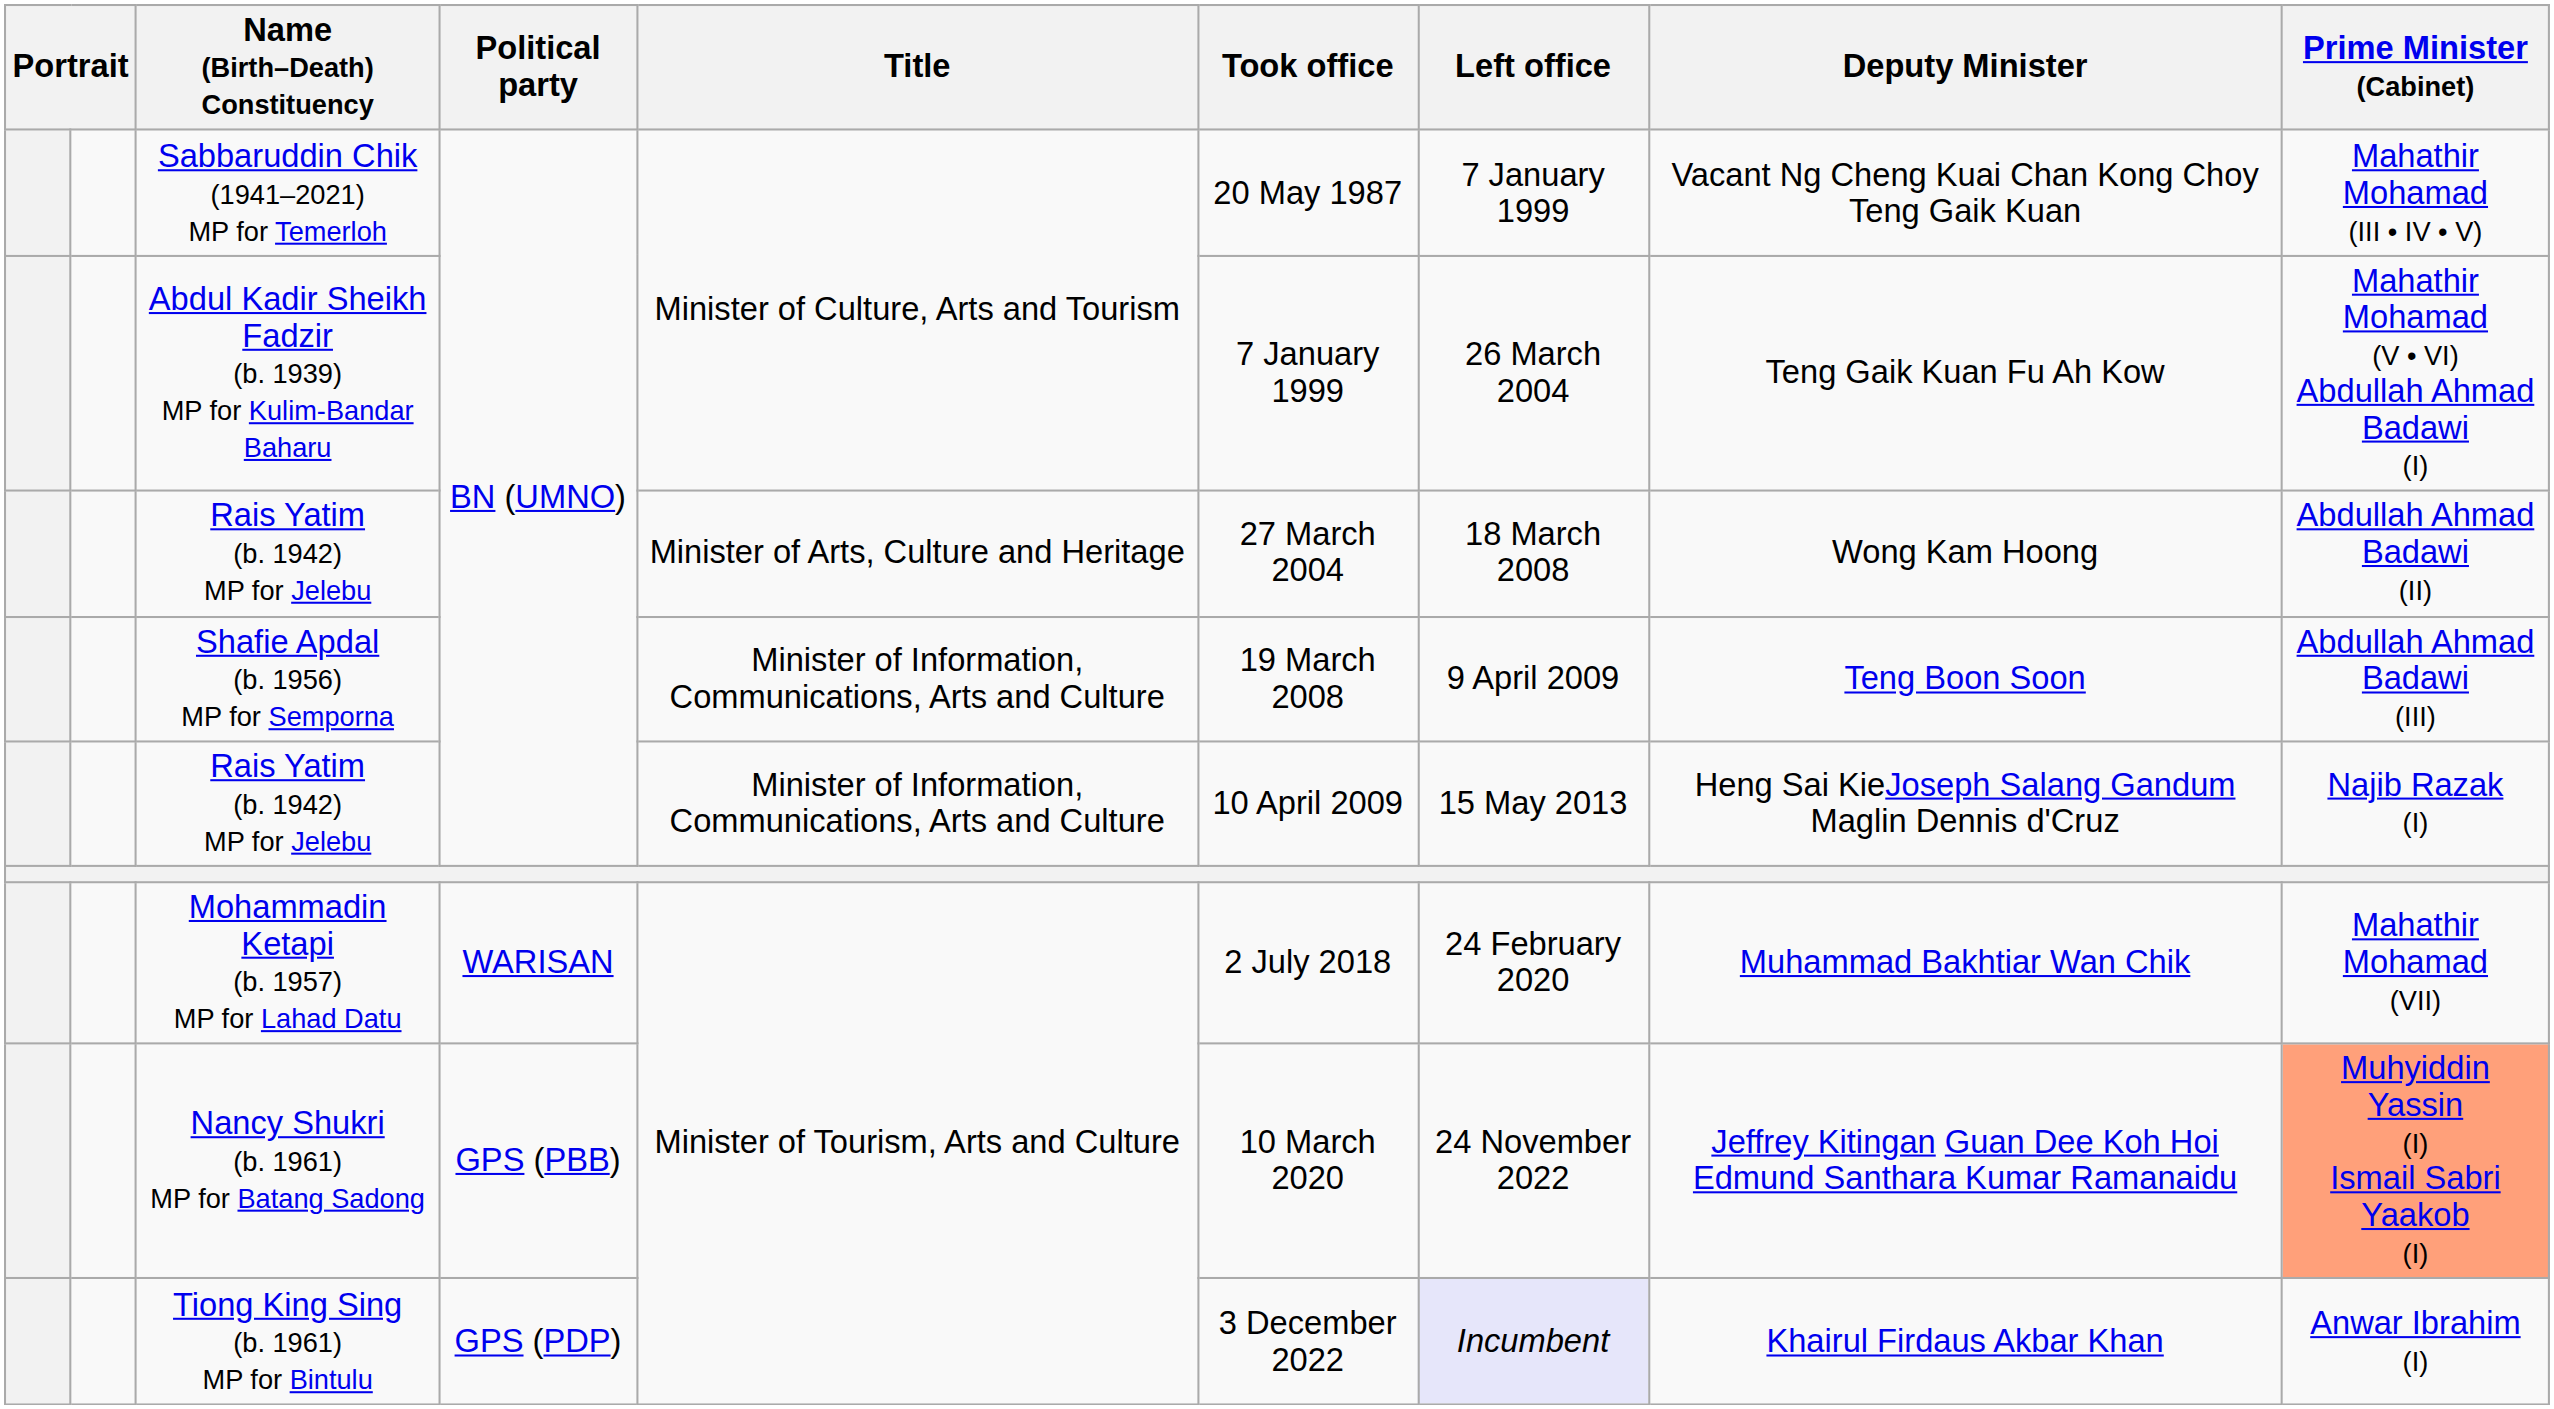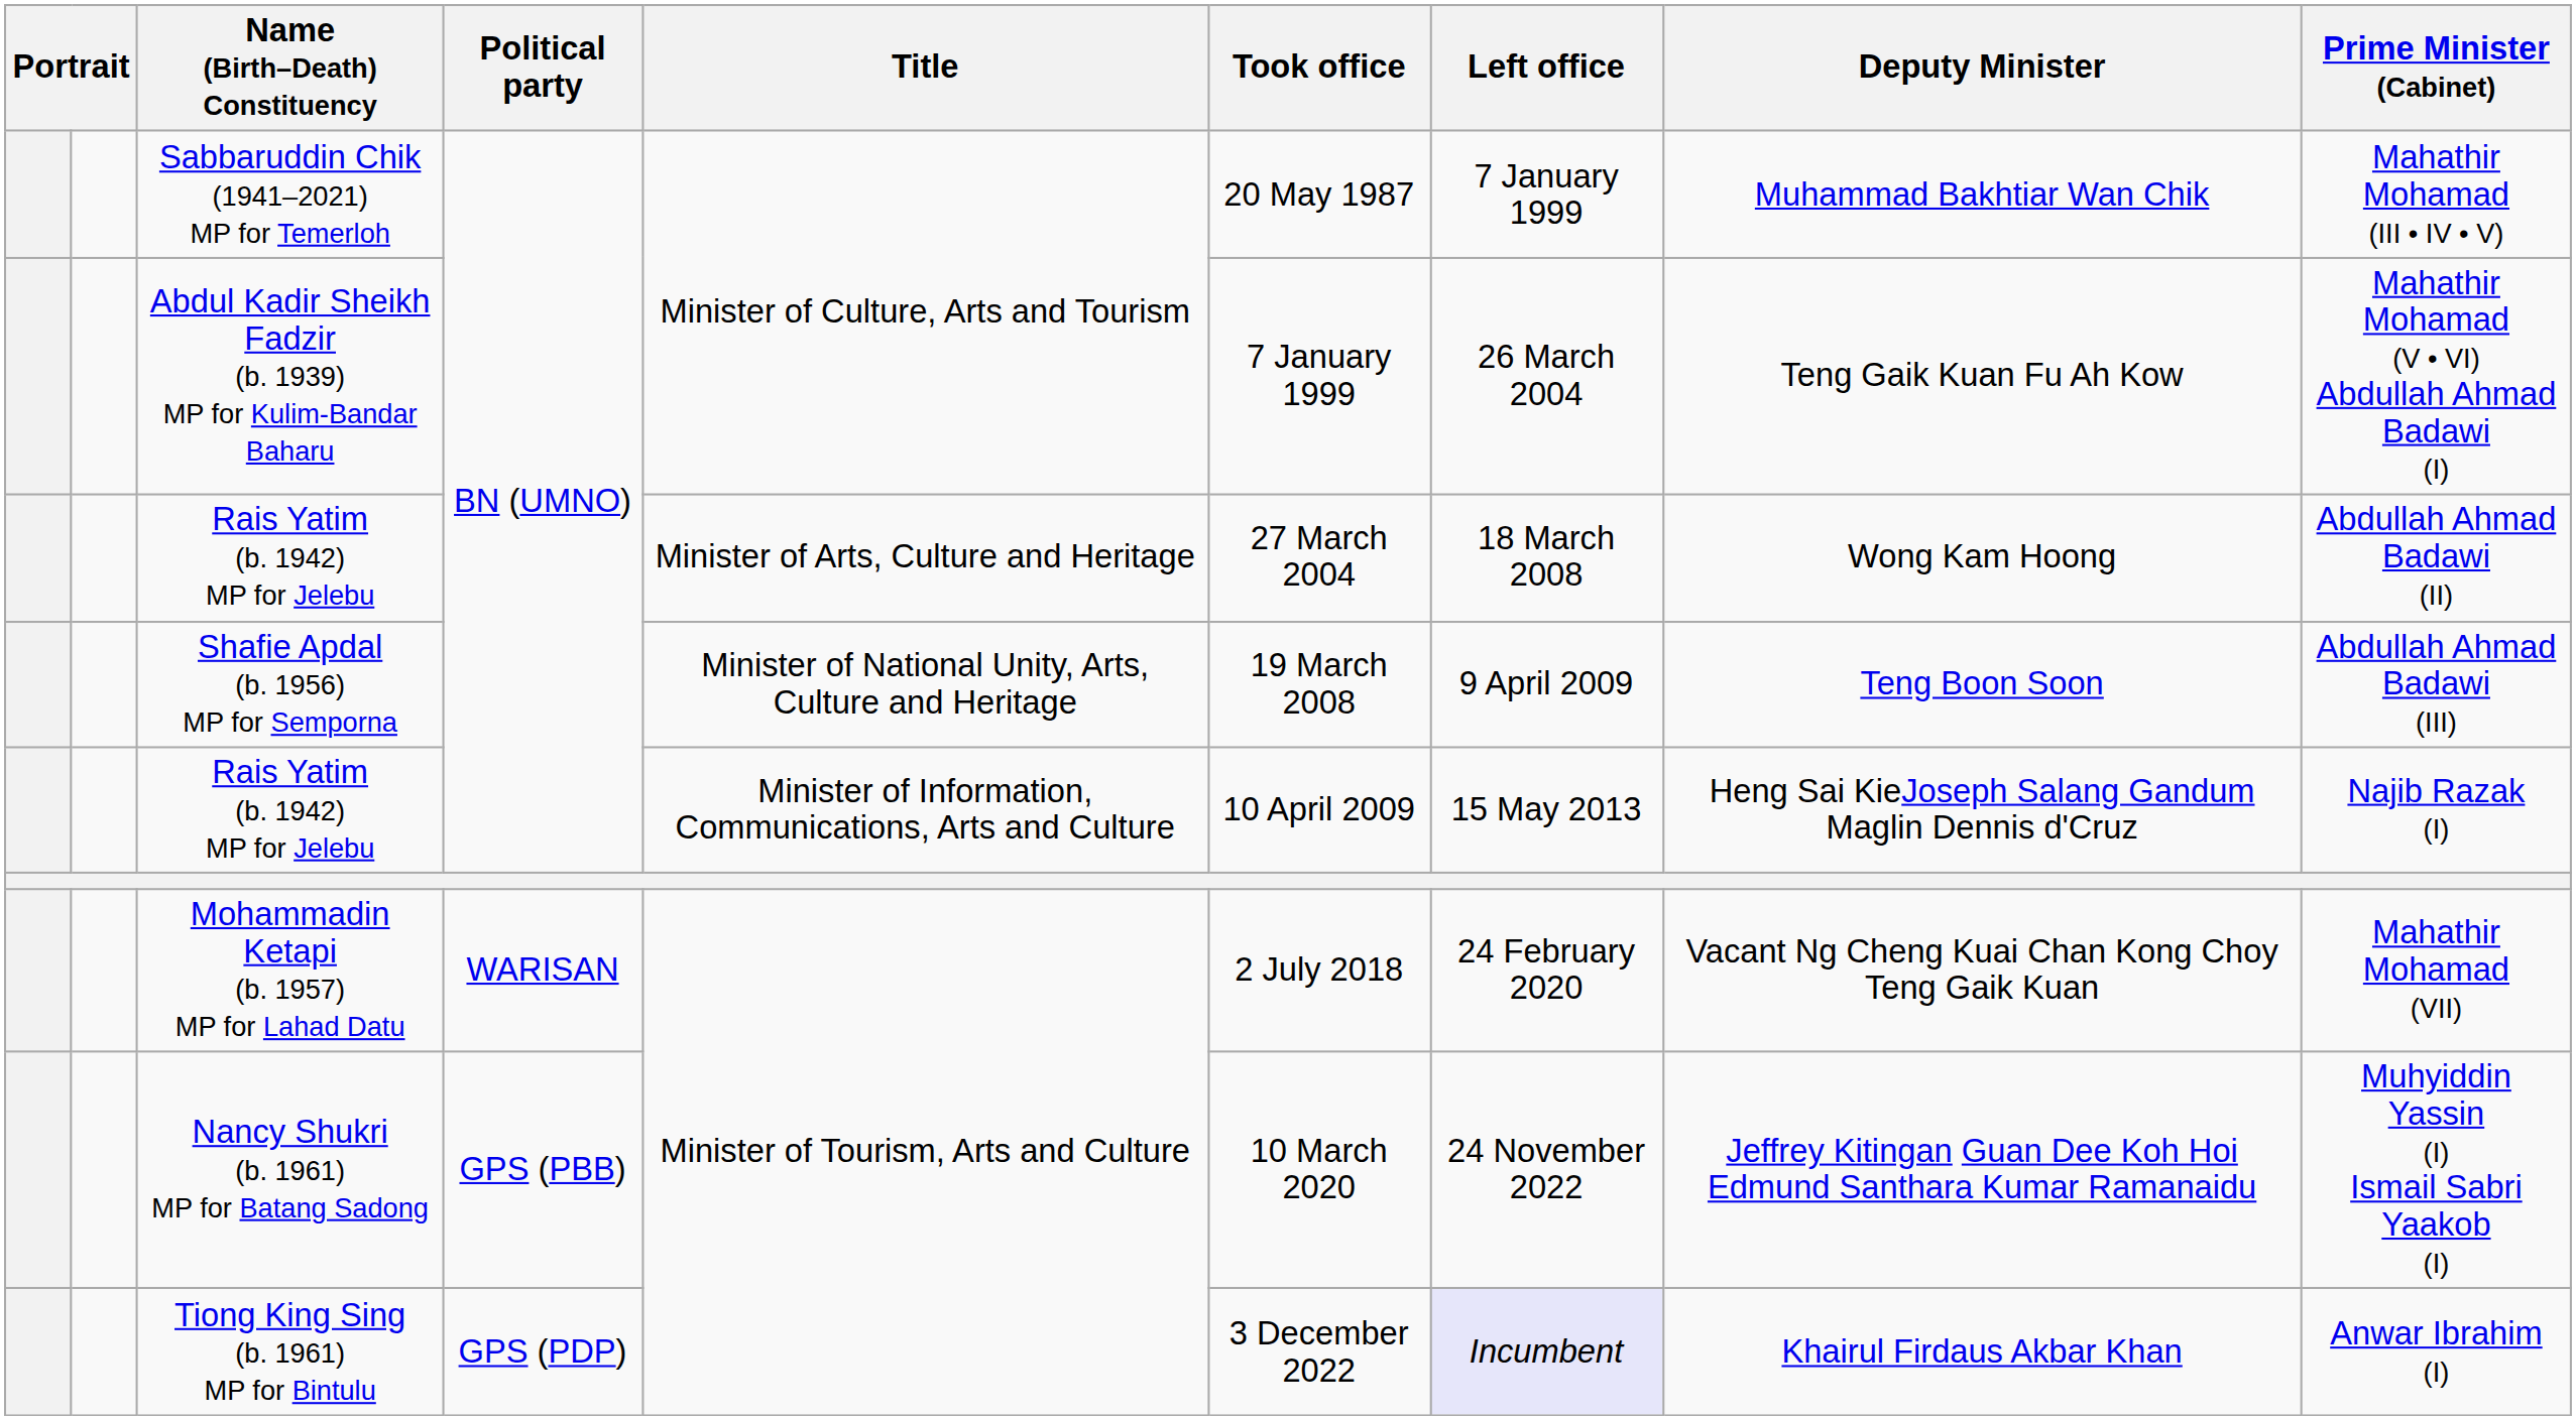 <table class="wikitable" style="text-align:center;">
 <tr>
 <th colspan=2>Portrait</th>
 <th>Name<br><small>(Birth–Death)<br>Constituency</small></th>
 <th>Political party</th>
 <th>Title</th>
 <th>Took office</th>
 <th>Left office</th>
 <th>Deputy Minister</th>
 <th><a href='#'>Prime Minister</a><br><small>(Cabinet)</small></th>
 </tr>
 <tr>
 <th style="background:"></th>
 <td></td>
 <td><a href='#'>Sabbaruddin Chik</a><br><small>(1941–2021)<br>MP for <a href='#'>Temerloh</a></small></td>
 <td rowspan=5><a href='#'>BN</a> (<a href='#'>UMNO</a>)</td>
 <td rowspan=2>Minister of Culture, Arts and Tourism</td>
 <td>20 May 1987</td>
 <td>7 January 1999</td>
-<td>Vacant  Ng Cheng Kuai Chan Kong Choy Teng Gaik Kuan</td>
+<td><a href='#'>Muhammad Bakhtiar Wan Chik</a></td>
 <td><a href='#'>Mahathir Mohamad</a><br><small>(III • IV • V)</small></td>
 </tr>
 <tr>
 <th style="background:"></th>
 <td></td>
 <td><a href='#'>Abdul Kadir Sheikh Fadzir</a><br><small>(b. 1939)<br>MP for <a href='#'>Kulim-Bandar Baharu</a></small></td>
 <td>7 January 1999</td>
 <td>26 March 2004</td>
 <td>Teng Gaik Kuan Fu Ah Kow </td>
 <td><a href='#'>Mahathir Mohamad</a><br><small>(V • VI)</small><br><a href='#'>Abdullah Ahmad Badawi</a><br><small>(I)</small></td>
 </tr>
 <tr>
 <th style="background:"></th>
 <td></td>
 <td><a href='#'>Rais Yatim</a><br><small>(b. 1942)<br>MP for <a href='#'>Jelebu</a></small></td>
 <td>Minister of Arts, Culture and Heritage</td>
 <td>27 March 2004</td>
 <td>18 March 2008</td>
 <td>Wong Kam Hoong</td>
 <td><a href='#'>Abdullah Ahmad Badawi</a><br><small>(II)</small></td>
 </tr>
 <tr>
 <th style="background:"></th>
 <td></td>
 <td><a href='#'>Shafie Apdal</a><br><small>(b. 1956)<br>MP for <a href='#'>Semporna</a></small></td>
-<td>Minister of Information, Communications, Arts and Culture</td>
+<td>Minister of National Unity, Arts, Culture and Heritage</td>
 <td>19 March 2008</td>
 <td>9 April 2009</td>
 <td><a href='#'>Teng Boon Soon</a></td>
 <td><a href='#'>Abdullah Ahmad Badawi</a><br><small>(III)</small></td>
 </tr>
 <tr>
 <th style="background:"></th>
 <td></td>
 <td><a href='#'>Rais Yatim</a><br><small>(b. 1942)<br>MP for <a href='#'>Jelebu</a></small></td>
 <td>Minister of Information, Communications, Arts and Culture</td>
 <td>10 April 2009</td>
 <td>15 May 2013</td>
 <td>Heng Sai Kie<a href='#'>Joseph Salang Gandum</a> Maglin Dennis d'Cruz</td>
 <td><a href='#'>Najib Razak</a><br><small>(I)</small></td>
 </tr>
 <tr>
 <th colspan="9" bgcolor="cccccc"></th>
 </tr>
 <tr>
 <th style="background:"></th>
 <td></td>
 <td><a href='#'>Mohammadin Ketapi</a><br><small>(b. 1957)<br>MP for <a href='#'>Lahad Datu</a></small></td>
 <td><a href='#'>WARISAN</a></td>
 <td rowspan=3>Minister of Tourism, Arts and Culture</td>
 <td>2 July 2018</td>
 <td>24 February 2020</td>
-<td><a href='#'>Muhammad Bakhtiar Wan Chik</a></td>
+<td>Vacant  Ng Cheng Kuai Chan Kong Choy Teng Gaik Kuan</td>
 <td><a href='#'>Mahathir Mohamad</a><br><small>(VII)</small></td>
 </tr>
 <tr>
 <th style="background:"></th>
 <td></td>
 <td><a href='#'>Nancy Shukri</a><br><small>(b. 1961)<br>MP for <a href='#'>Batang Sadong</a></small></td>
 <td><a href='#'>GPS</a> (<a href='#'>PBB</a>)</td>
 <td>10 March 2020</td>
 <td>24 November 2022</td>
 <td><a href='#'>Jeffrey Kitingan</a>  <a href='#'>Guan Dee Koh Hoi</a>   <a href='#'>Edmund Santhara Kumar Ramanaidu</a> </td>
-<td style="background: lightsalmon;"><a href='#'>Muhyiddin Yassin</a><br><small>(I)</small><br><a href='#'>Ismail Sabri Yaakob</a><br><small>(I)</small></td>
+<td><a href='#'>Muhyiddin Yassin</a><br><small>(I)</small><br><a href='#'>Ismail Sabri Yaakob</a><br><small>(I)</small></td>
 </tr>
 <tr>
 <th style="background:"></th>
 <td></td>
 <td><a href='#'>Tiong King Sing</a><br><small>(b. 1961)<br>MP for <a href='#'>Bintulu</a></small></td>
 <td><a href='#'>GPS</a> (<a href='#'>PDP</a>)</td>
 <td>3 December 2022</td>
 <td style="background: lavender;"><em>Incumbent</em></td>
 <td><a href='#'>Khairul Firdaus Akbar Khan</a></td>
 <td><a href='#'>Anwar Ibrahim</a><br><small>(I)</small></td>
 </tr>
 </table>
